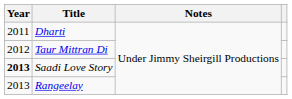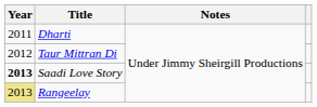 <table class="wikitable sortable">
 <tr>
 <th>Year</th>
 <th>Title</th>
 <th scope="col" class="unsortable">Notes</th>
 <th scope="col" class="unsortable"></th>
 </tr>
 <tr>
 <td style="text-align:center;">2011</td>
 <td><em><a href='#'>Dharti</a></em></td>
 <td rowspan="4">Under Jimmy Sheirgill Productions</td>
 <td></td>
 </tr>
 <tr>
 <td style="text-align:center;">2012</td>
 <td><em><a href='#'>Taur Mittran Di</a></em></td>
 <td></td>
 </tr>
 <tr>
 <td style="text-align:center;"><strong>2013</strong></td>
 <td><em>Saadi Love Story</em></td>
 <td></td>
 </tr>
 <tr>
-<td style="text-align:center;">2013</td>
+<td style="background: khaki; text-align:center;">2013</td>
 <td><em><a href='#'>Rangeelay</a></em></td>
 <td></td>
 </tr>
 </table>
